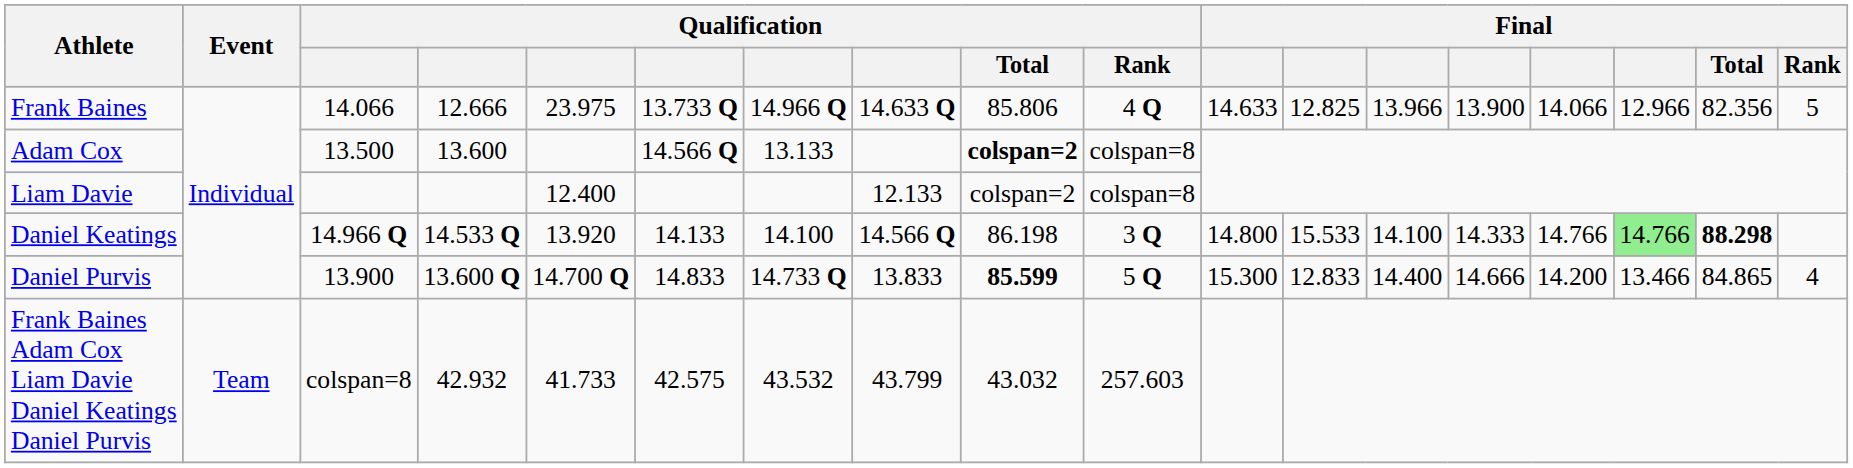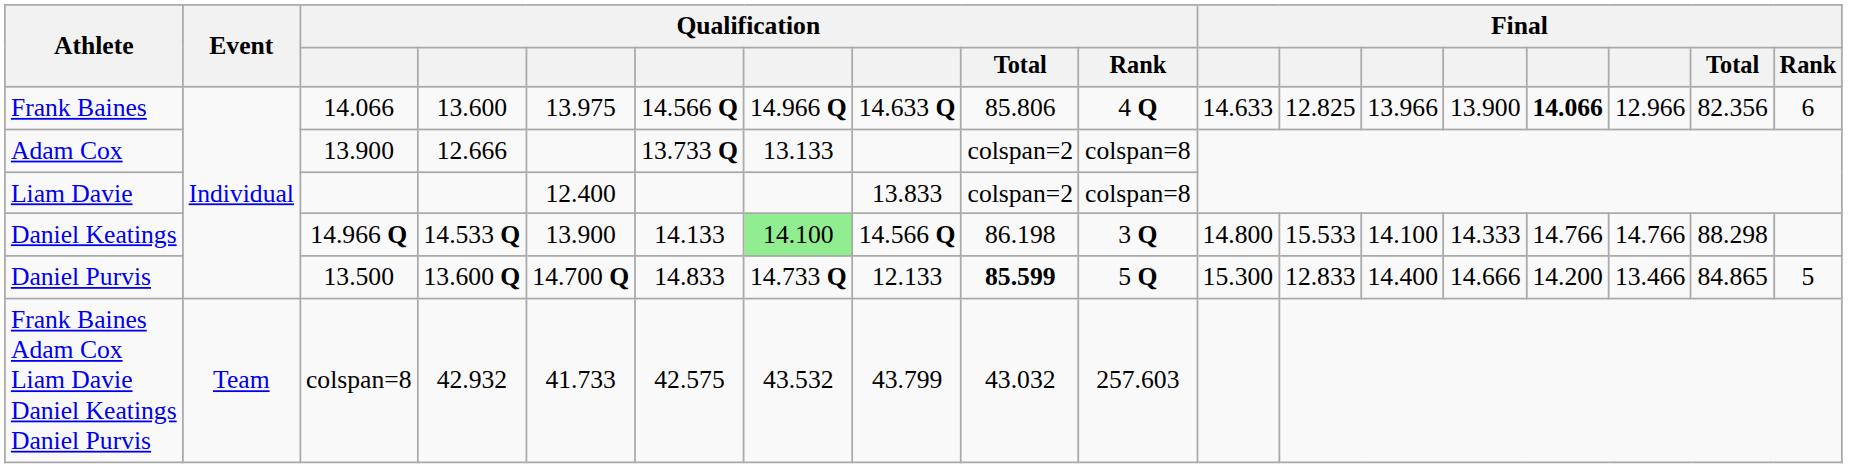 <table class="wikitable" style="font-size:90%">
 <tr>
 <th rowspan=2>Athlete</th>
 <th rowspan=2>Event</th>
 <th colspan =8>Qualification</th>
 <th colspan =8>Final</th>
 </tr>
 <tr style="font-size:95%">
 <th></th>
 <th></th>
 <th></th>
 <th></th>
 <th></th>
 <th></th>
 <th>Total</th>
 <th>Rank</th>
 <th></th>
 <th></th>
 <th></th>
 <th></th>
 <th></th>
 <th></th>
 <th>Total</th>
 <th>Rank</th>
 </tr>
 <tr align=center>
 <td align=left><a href='#'>Frank Baines</a></td>
 <td style="text-align:left;" rowspan="5"><a href='#'>Individual</a></td>
 <td>14.066</td>
-<td>12.666</td>
-<td>23.975</td>
-<td>13.733 <strong>Q</strong></td>
+<td>13.600</td>
+<td>13.975</td>
+<td>14.566 <strong>Q</strong></td>
 <td>14.966 <strong>Q</strong></td>
 <td>14.633 <strong>Q</strong></td>
 <td>85.806</td>
 <td>4 <strong>Q</strong></td>
 <td>14.633</td>
 <td>12.825</td>
 <td>13.966</td>
 <td>13.900</td>
-<td>14.066</td>
+<td><strong>14.066</strong></td>
 <td>12.966</td>
 <td>82.356</td>
-<td>5</td>
+<td>6</td>
 </tr>
 <tr align=center>
 <td align=left><a href='#'>Adam Cox</a></td>
-<td>13.500</td>
-<td>13.600</td>
+<td>13.900</td>
+<td>12.666</td>
 <td></td>
-<td>14.566 <strong>Q</strong></td>
+<td>13.733 <strong>Q</strong></td>
 <td>13.133</td>
 <td></td>
-<td><strong>colspan=2 </strong></td>
+<td>colspan=2 </td>
 <td>colspan=8 </td>
 </tr>
 <tr align=center>
 <td align=left><a href='#'>Liam Davie</a></td>
 <td></td>
 <td></td>
 <td>12.400</td>
 <td></td>
 <td></td>
-<td>12.133</td>
+<td>13.833</td>
 <td>colspan=2 </td>
 <td>colspan=8 </td>
 </tr>
 <tr align=center>
 <td align=left><a href='#'>Daniel Keatings</a></td>
 <td>14.966 <strong>Q</strong></td>
 <td>14.533 <strong>Q</strong></td>
-<td>13.920</td>
+<td>13.900</td>
 <td>14.133</td>
-<td>14.100</td>
+<td style="background: lightgreen;">14.100</td>
 <td>14.566 <strong>Q</strong></td>
 <td>86.198</td>
 <td>3 <strong>Q</strong></td>
 <td>14.800</td>
 <td>15.533</td>
 <td>14.100</td>
 <td>14.333</td>
 <td>14.766</td>
-<td style="background: lightgreen;">14.766</td>
-<td><strong>88.298</strong></td>
+<td>14.766</td>
+<td>88.298</td>
 <td></td>
 </tr>
 <tr align=center>
 <td align=left><a href='#'>Daniel Purvis</a></td>
-<td>13.900</td>
+<td>13.500</td>
 <td>13.600 <strong>Q</strong></td>
 <td>14.700 <strong>Q</strong></td>
 <td>14.833</td>
 <td>14.733 <strong>Q</strong></td>
-<td>13.833</td>
+<td>12.133</td>
 <td><strong>85.599</strong></td>
 <td>5 <strong>Q</strong></td>
 <td>15.300</td>
 <td>12.833</td>
 <td>14.400</td>
 <td>14.666</td>
 <td>14.200</td>
 <td>13.466</td>
 <td>84.865</td>
-<td>4</td>
+<td>5</td>
 </tr>
 <tr align=center>
 <td align=left><a href='#'>Frank Baines</a><br><a href='#'>Adam Cox</a><br><a href='#'>Liam Davie</a><br><a href='#'>Daniel Keatings</a><br><a href='#'>Daniel Purvis</a></td>
 <td><a href='#'>Team</a></td>
 <td>colspan=8 </td>
 <td>42.932</td>
 <td>41.733</td>
 <td>42.575</td>
 <td>43.532</td>
 <td>43.799</td>
 <td>43.032</td>
 <td>257.603</td>
 <td></td>
 </tr>
 </table>
